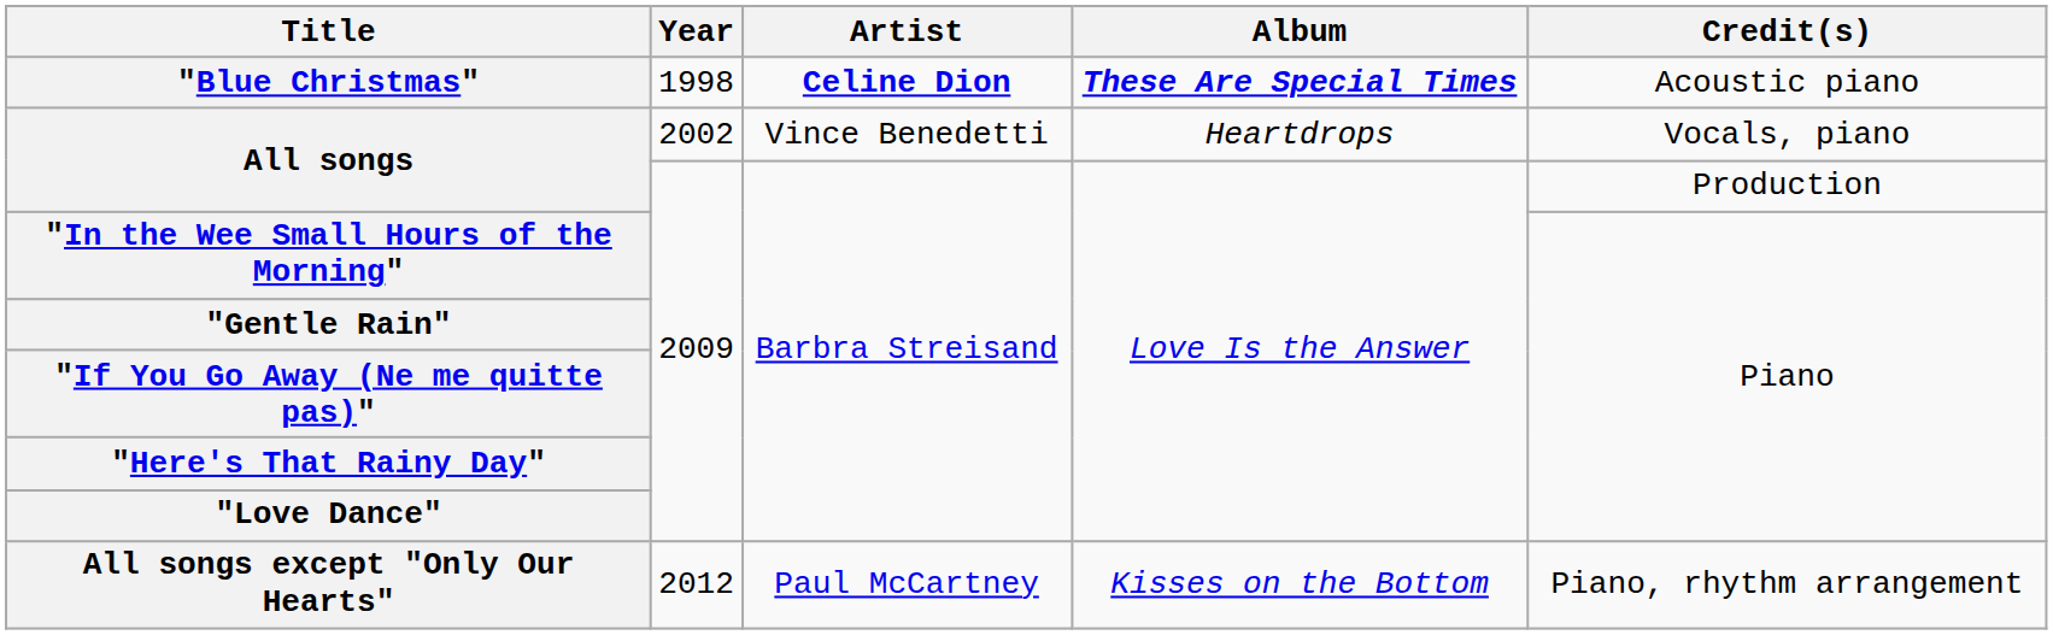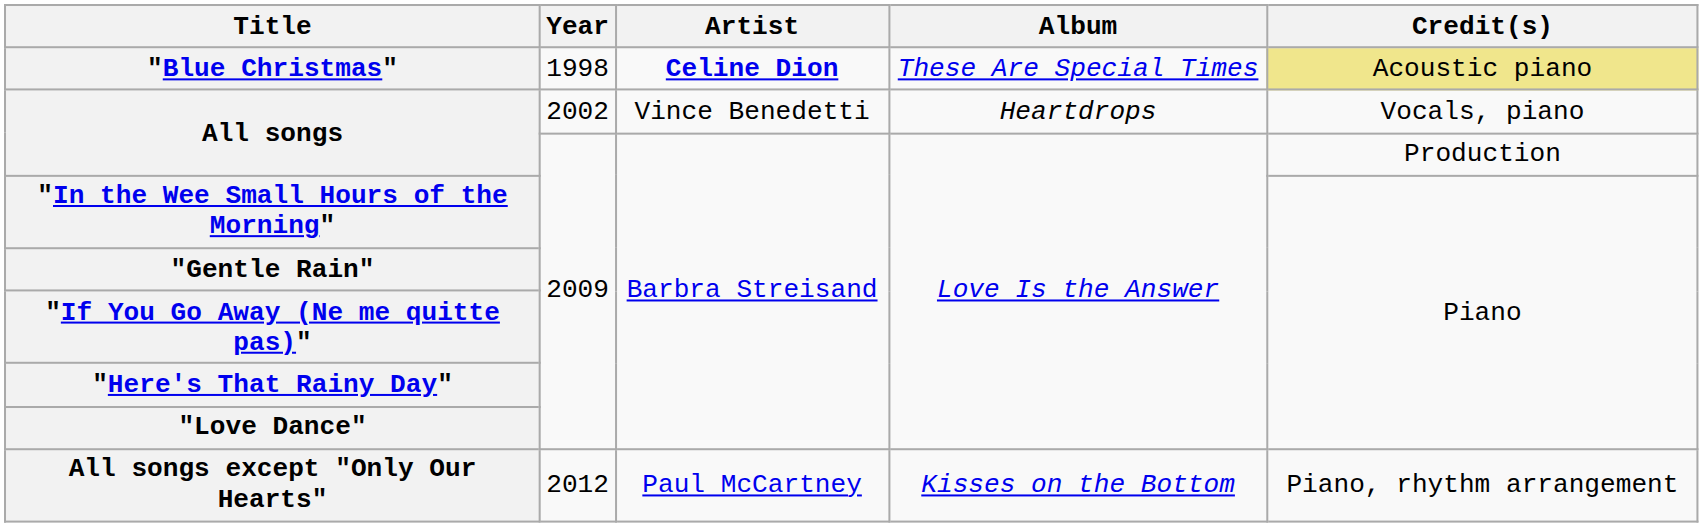 <table class="wikitable plainrowheaders" style="text-align:center;">
 <tr>
 <th scope="col" style="width:20em;">Title</th>
 <th scope="col" style="width:1em;">Year</th>
 <th scope="col" style="width:10em;">Artist</th>
 <th scope="col" style="width:14em;">Album</th>
 <th scope="col" style="width:16em;">Credit(s)</th>
 </tr>
 <tr>
 <th scope="row">"<a href='#'>Blue Christmas</a>"</th>
 <td>1998</td>
 <td><strong><a href='#'>Celine Dion</a></strong></td>
-<td><strong><em><a href='#'>These Are Special Times</a></em></strong></td>
-<td>Acoustic piano</td>
+<td><em><a href='#'>These Are Special Times</a></em></td>
+<td style="background: khaki;">Acoustic piano</td>
 </tr>
 <tr>
 <th scope="row" rowspan="2">All songs</th>
 <td>2002</td>
 <td>Vince Benedetti</td>
 <td><em>Heartdrops</em></td>
 <td>Vocals, piano</td>
 </tr>
 <tr>
 <td rowspan="6">2009</td>
 <td rowspan="6"><a href='#'>Barbra Streisand</a></td>
 <td rowspan="6"><em><a href='#'>Love Is the Answer</a></em></td>
 <td>Production</td>
 </tr>
 <tr>
 <th scope="row">"<a href='#'>In the Wee Small Hours of the Morning</a>"</th>
 <td rowspan="5">Piano</td>
 </tr>
 <tr>
 <th scope="row">"Gentle Rain"</th>
 </tr>
 <tr>
 <th scope="row">"<a href='#'>If You Go Away (Ne me quitte pas)</a>"</th>
 </tr>
 <tr>
 <th scope="row">"<a href='#'>Here's That Rainy Day</a>"</th>
 </tr>
 <tr>
 <th scope="row">"Love Dance"</th>
 </tr>
 <tr>
 <th scope="row">All songs except "Only Our Hearts"</th>
 <td>2012</td>
 <td><a href='#'>Paul McCartney</a></td>
 <td><em><a href='#'>Kisses on the Bottom</a></em></td>
 <td>Piano, rhythm arrangement</td>
 </tr>
 </table>
